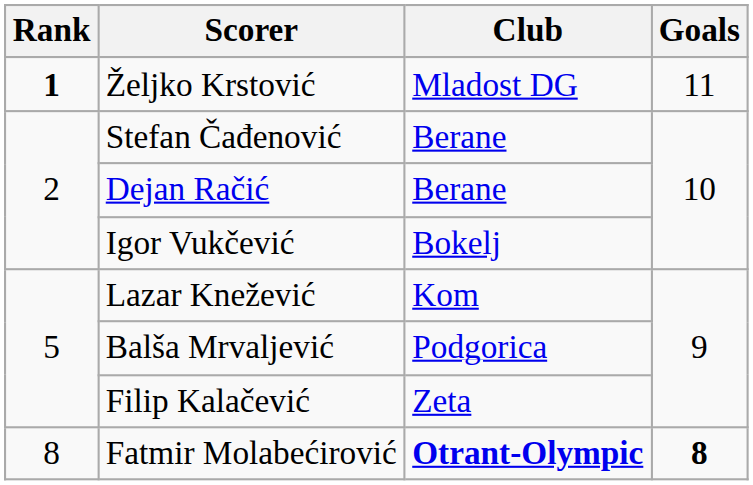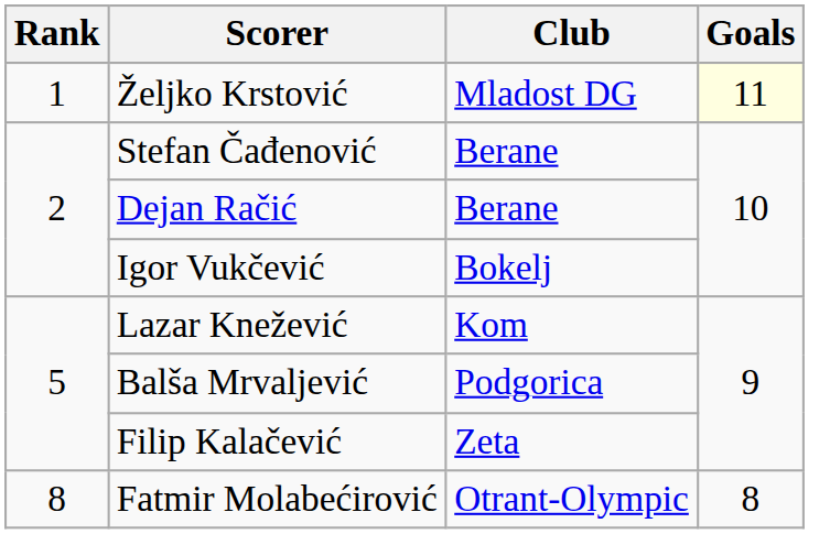 <table class="wikitable">
 <tr>
 <th>Rank</th>
 <th>Scorer</th>
 <th>Club</th>
 <th>Goals</th>
 </tr>
 <tr>
-<td rowspan="1" align="center"><strong>1</strong></td>
+<td rowspan="1" align="center">1</td>
 <td> Željko Krstović</td>
 <td><a href='#'>Mladost DG</a></td>
-<td rowspan="1" align="center">11</td>
+<td rowspan="1" align="center" style="background: lightyellow;">11</td>
 </tr>
 <tr>
 <td rowspan="3" align="center">2</td>
 <td> Stefan Čađenović</td>
 <td><a href='#'>Berane</a></td>
 <td rowspan="3" align="center">10</td>
 </tr>
 <tr>
 <td> <a href='#'>Dejan Račić</a></td>
 <td><a href='#'>Berane</a></td>
 </tr>
 <tr>
 <td> Igor Vukčević</td>
 <td><a href='#'>Bokelj</a></td>
 </tr>
 <tr>
 <td rowspan="3" align="center">5</td>
 <td> Lazar Knežević</td>
 <td><a href='#'>Kom</a></td>
 <td rowspan="3" align="center">9</td>
 </tr>
 <tr>
 <td> Balša Mrvaljević</td>
 <td><a href='#'>Podgorica</a></td>
 </tr>
 <tr>
 <td> Filip Kalačević</td>
 <td><a href='#'>Zeta</a></td>
 </tr>
 <tr>
 <td rowspan="1" align="center">8</td>
 <td> Fatmir Molabećirović</td>
-<td><strong><a href='#'>Otrant-Olympic</a></strong></td>
-<td rowspan="1" align="center"><strong>8</strong></td>
+<td><a href='#'>Otrant-Olympic</a></td>
+<td rowspan="1" align="center">8</td>
 </tr>
 </table>
